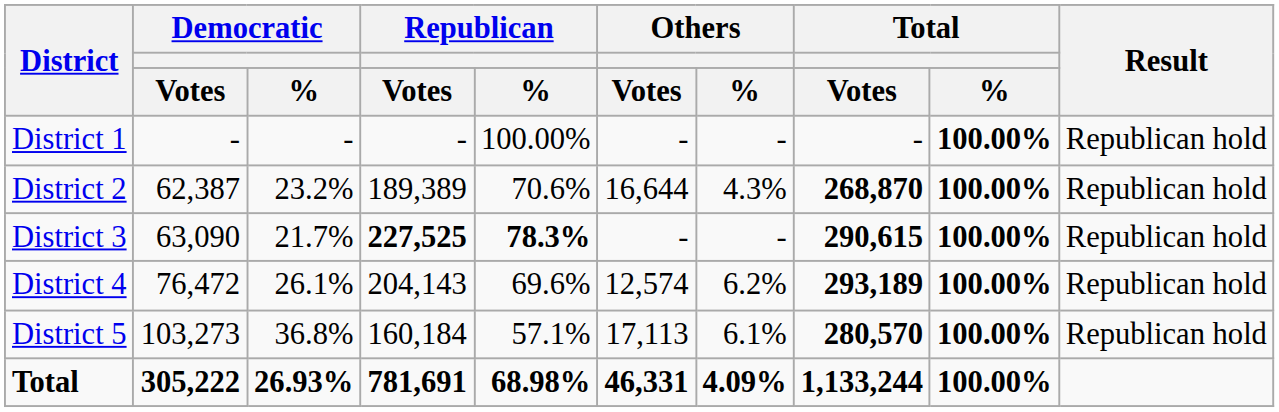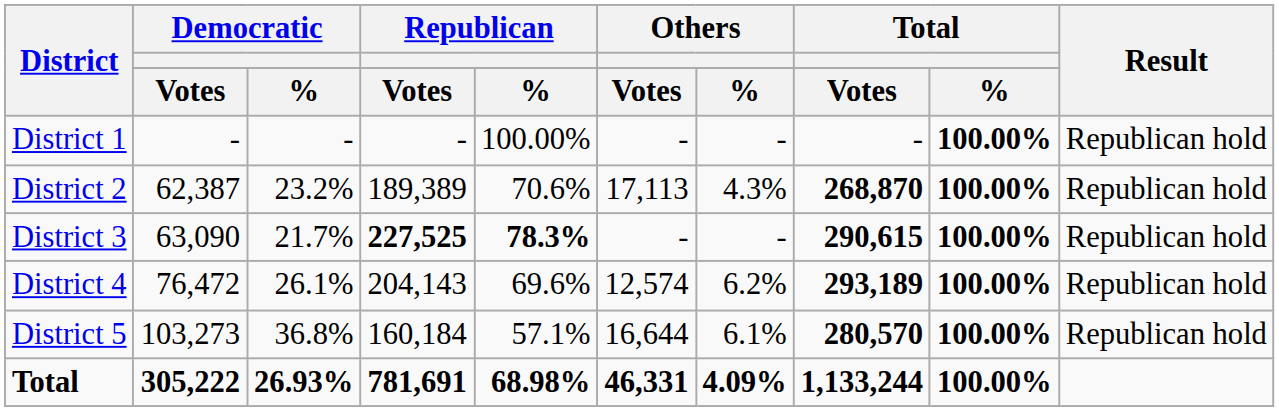 <table class="wikitable plainrowheaders sortable" style="font-size:100%; text-align:right;">
 <tr>
 <th scope=col rowspan=3><a href='#'>District</a></th>
 <th scope=col colspan=2><a href='#'>Democratic</a></th>
 <th scope=col colspan=2><a href='#'>Republican</a></th>
 <th scope=col colspan=2>Others</th>
 <th scope=col colspan=2>Total</th>
 <th scope=col rowspan=3>Result</th>
 </tr>
 <tr>
 <th scope=col colspan=2 style="background:"></th>
 <th scope=col colspan=2 style="background:"></th>
 <th scope=col colspan=2></th>
 <th scope=col colspan=2></th>
 </tr>
 <tr>
 <th scope=col data-sort-type="number">Votes</th>
 <th scope=col data-sort-type="number">%</th>
 <th scope=col data-sort-type="number">Votes</th>
 <th scope=col data-sort-type="number">%</th>
 <th scope=col data-sort-type="number">Votes</th>
 <th scope=col data-sort-type="number">%</th>
 <th scope=col data-sort-type="number">Votes</th>
 <th scope=col data-sort-type="number">%</th>
 </tr>
 <tr>
 <td align=left><a href='#'>District 1</a></td>
 <td>-</td>
 <td>-</td>
 <td>-</td>
 <td>100.00%</td>
 <td>-</td>
 <td>-</td>
 <td>-</td>
 <td><strong>100.00%</strong></td>
 <td align=left>Republican hold</td>
 </tr>
 <tr>
 <td align=left><a href='#'>District 2</a></td>
 <td>62,387</td>
 <td>23.2%</td>
 <td>189,389</td>
 <td>70.6%</td>
-<td>16,644</td>
+<td>17,113</td>
 <td>4.3%</td>
 <td><strong>268,870</strong></td>
 <td><strong>100.00%</strong></td>
 <td align=left>Republican hold</td>
 </tr>
 <tr>
 <td align=left><a href='#'>District 3</a></td>
 <td>63,090</td>
 <td>21.7%</td>
 <td><strong>227,525</strong></td>
 <td><strong>78.3%</strong></td>
 <td>-</td>
 <td>-</td>
 <td><strong>290,615</strong></td>
 <td><strong>100.00%</strong></td>
 <td align=left>Republican hold</td>
 </tr>
 <tr>
 <td align=left><a href='#'>District 4</a></td>
 <td>76,472</td>
 <td>26.1%</td>
 <td>204,143</td>
 <td>69.6%</td>
 <td>12,574</td>
 <td>6.2%</td>
 <td><strong>293,189</strong></td>
 <td><strong>100.00%</strong></td>
 <td align=left>Republican hold</td>
 </tr>
 <tr>
 <td align=left><a href='#'>District 5</a></td>
 <td>103,273</td>
 <td>36.8%</td>
 <td>160,184</td>
 <td>57.1%</td>
-<td>17,113</td>
+<td>16,644</td>
 <td>6.1%</td>
 <td><strong>280,570</strong></td>
 <td><strong>100.00%</strong></td>
 <td align=left>Republican hold</td>
 </tr>
 <tr class="sortbottom" style="font-weight:bold">
 <td align=left>Total</td>
 <td>305,222</td>
 <td>26.93%</td>
 <td>781,691</td>
 <td>68.98%</td>
 <td>46,331</td>
 <td>4.09%</td>
 <td>1,133,244</td>
 <td>100.00%</td>
 <td></td>
 </tr>
 </table>
